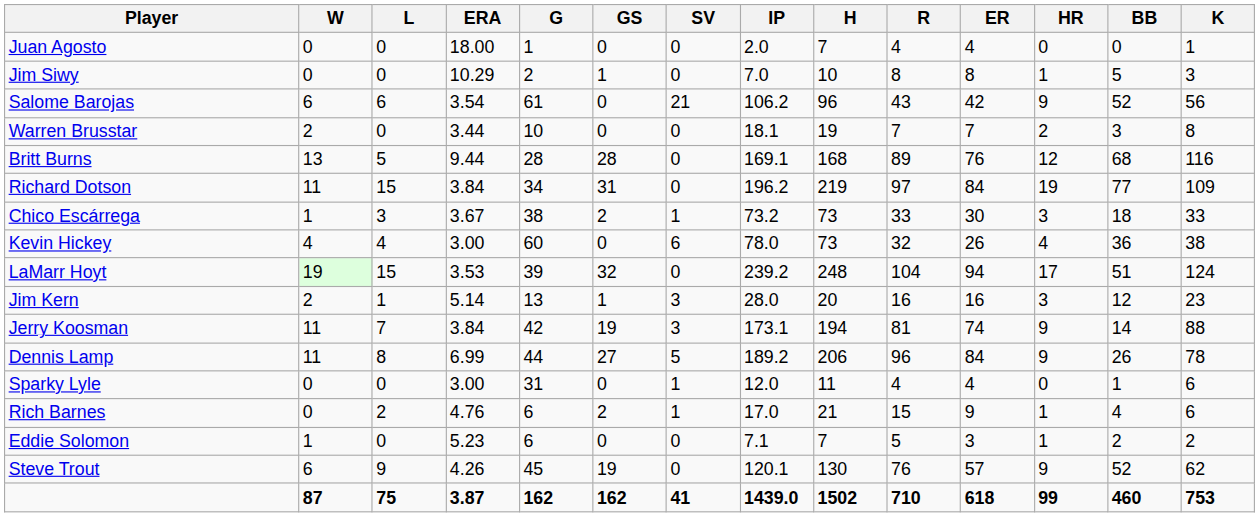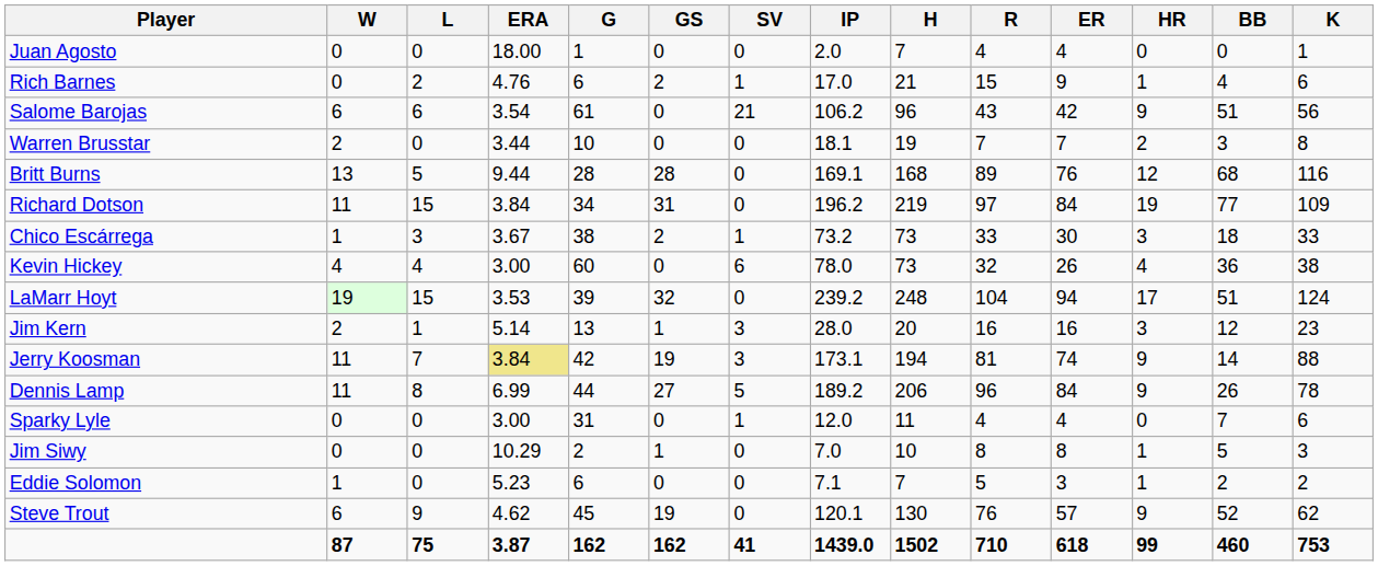 <table class="wikitable sortable">
 <tr>
 <th bgcolor="#DDDDFF" width="20%">Player</th>
 <th bgcolor="#DDDDFF" width="5%">W</th>
 <th bgcolor="#DDDDFF" width="5%">L</th>
 <th bgcolor="#DDDDFF" width="5%">ERA</th>
 <th bgcolor="#DDDDFF" width="5%">G</th>
 <th bgcolor="#DDDDFF" width="5%">GS</th>
 <th bgcolor="#DDDDFF" width="5%">SV</th>
 <th bgcolor="#DDDDFF" width="5%">IP</th>
 <th bgcolor="#DDDDFF" width="5%">H</th>
 <th bgcolor="#DDDDFF" width="5%">R</th>
 <th bgcolor="#DDDDFF" width="5%">ER</th>
 <th bgcolor="#DDDDFF" width="5%">HR</th>
 <th bgcolor="#DDDDFF" width="5%">BB</th>
 <th bgcolor="#DDDDFF" width="5%">K</th>
 </tr>
 <tr>
 <td><a href='#'>Juan Agosto</a></td>
 <td>0</td>
 <td>0</td>
 <td>18.00</td>
 <td>1</td>
 <td>0</td>
 <td>0</td>
 <td>2.0</td>
 <td>7</td>
 <td>4</td>
 <td>4</td>
 <td>0</td>
 <td>0</td>
 <td>1</td>
 </tr>
 <tr>
-<td><a href='#'>Jim Siwy</a></td>
+<td><a href='#'>Rich Barnes</a></td>
 <td>0</td>
-<td>0</td>
-<td>10.29</td>
+<td>2</td>
+<td>4.76</td>
+<td>6</td>
 <td>2</td>
 <td>1</td>
-<td>0</td>
-<td>7.0</td>
-<td>10</td>
-<td>8</td>
-<td>8</td>
+<td>17.0</td>
+<td>21</td>
+<td>15</td>
+<td>9</td>
 <td>1</td>
-<td>5</td>
-<td>3</td>
+<td>4</td>
+<td>6</td>
 </tr>
 <tr>
 <td><a href='#'>Salome Barojas</a></td>
 <td>6</td>
 <td>6</td>
 <td>3.54</td>
 <td>61</td>
 <td>0</td>
 <td>21</td>
 <td>106.2</td>
 <td>96</td>
 <td>43</td>
 <td>42</td>
 <td>9</td>
-<td>52</td>
+<td>51</td>
 <td>56</td>
 </tr>
 <tr>
 <td><a href='#'>Warren Brusstar</a></td>
 <td>2</td>
 <td>0</td>
 <td>3.44</td>
 <td>10</td>
 <td>0</td>
 <td>0</td>
 <td>18.1</td>
 <td>19</td>
 <td>7</td>
 <td>7</td>
 <td>2</td>
 <td>3</td>
 <td>8</td>
 </tr>
 <tr>
 <td><a href='#'>Britt Burns</a></td>
 <td>13</td>
 <td>5</td>
 <td>9.44</td>
 <td>28</td>
 <td>28</td>
 <td>0</td>
 <td>169.1</td>
 <td>168</td>
 <td>89</td>
 <td>76</td>
 <td>12</td>
 <td>68</td>
 <td>116</td>
 </tr>
 <tr>
 <td><a href='#'>Richard Dotson</a></td>
 <td>11</td>
 <td>15</td>
 <td>3.84</td>
 <td>34</td>
 <td>31</td>
 <td>0</td>
 <td>196.2</td>
 <td>219</td>
 <td>97</td>
 <td>84</td>
 <td>19</td>
 <td>77</td>
 <td>109</td>
 </tr>
 <tr>
 <td><a href='#'>Chico Escárrega</a></td>
 <td>1</td>
 <td>3</td>
 <td>3.67</td>
 <td>38</td>
 <td>2</td>
 <td>1</td>
 <td>73.2</td>
 <td>73</td>
 <td>33</td>
 <td>30</td>
 <td>3</td>
 <td>18</td>
 <td>33</td>
 </tr>
 <tr>
 <td><a href='#'>Kevin Hickey</a></td>
 <td>4</td>
 <td>4</td>
 <td>3.00</td>
 <td>60</td>
 <td>0</td>
 <td>6</td>
 <td>78.0</td>
 <td>73</td>
 <td>32</td>
 <td>26</td>
 <td>4</td>
 <td>36</td>
 <td>38</td>
 </tr>
 <tr>
 <td><a href='#'>LaMarr Hoyt</a></td>
 <td style="background:#DDFFDD;">19</td>
 <td>15</td>
 <td>3.53</td>
 <td>39</td>
 <td>32</td>
 <td>0</td>
 <td>239.2</td>
 <td>248</td>
 <td>104</td>
 <td>94</td>
 <td>17</td>
 <td>51</td>
 <td>124</td>
 </tr>
 <tr>
 <td><a href='#'>Jim Kern</a></td>
 <td>2</td>
 <td>1</td>
 <td>5.14</td>
 <td>13</td>
 <td>1</td>
 <td>3</td>
 <td>28.0</td>
 <td>20</td>
 <td>16</td>
 <td>16</td>
 <td>3</td>
 <td>12</td>
 <td>23</td>
 </tr>
 <tr>
 <td><a href='#'>Jerry Koosman</a></td>
 <td>11</td>
 <td>7</td>
-<td>3.84</td>
+<td style="background: khaki;">3.84</td>
 <td>42</td>
 <td>19</td>
 <td>3</td>
 <td>173.1</td>
 <td>194</td>
 <td>81</td>
 <td>74</td>
 <td>9</td>
 <td>14</td>
 <td>88</td>
 </tr>
 <tr>
 <td><a href='#'>Dennis Lamp</a></td>
 <td>11</td>
 <td>8</td>
 <td>6.99</td>
 <td>44</td>
 <td>27</td>
 <td>5</td>
 <td>189.2</td>
 <td>206</td>
 <td>96</td>
 <td>84</td>
 <td>9</td>
 <td>26</td>
 <td>78</td>
 </tr>
 <tr>
 <td><a href='#'>Sparky Lyle</a></td>
 <td>0</td>
 <td>0</td>
 <td>3.00</td>
 <td>31</td>
 <td>0</td>
 <td>1</td>
 <td>12.0</td>
 <td>11</td>
 <td>4</td>
 <td>4</td>
 <td>0</td>
-<td>1</td>
+<td>7</td>
 <td>6</td>
 </tr>
 <tr>
-<td><a href='#'>Rich Barnes</a></td>
+<td><a href='#'>Jim Siwy</a></td>
 <td>0</td>
-<td>2</td>
-<td>4.76</td>
-<td>6</td>
+<td>0</td>
+<td>10.29</td>
 <td>2</td>
 <td>1</td>
-<td>17.0</td>
-<td>21</td>
-<td>15</td>
-<td>9</td>
+<td>0</td>
+<td>7.0</td>
+<td>10</td>
+<td>8</td>
+<td>8</td>
 <td>1</td>
-<td>4</td>
-<td>6</td>
+<td>5</td>
+<td>3</td>
 </tr>
 <tr>
 <td><a href='#'>Eddie Solomon</a></td>
 <td>1</td>
 <td>0</td>
 <td>5.23</td>
 <td>6</td>
 <td>0</td>
 <td>0</td>
 <td>7.1</td>
 <td>7</td>
 <td>5</td>
 <td>3</td>
 <td>1</td>
 <td>2</td>
 <td>2</td>
 </tr>
 <tr>
 <td><a href='#'>Steve Trout</a></td>
 <td>6</td>
 <td>9</td>
-<td>4.26</td>
+<td>4.62</td>
 <td>45</td>
 <td>19</td>
 <td>0</td>
 <td>120.1</td>
 <td>130</td>
 <td>76</td>
 <td>57</td>
 <td>9</td>
 <td>52</td>
 <td>62</td>
 </tr>
 <tr class="sortbottom">
 <td></td>
 <td><strong>87</strong></td>
 <td><strong>75</strong></td>
 <td><strong>3.87</strong></td>
 <td><strong>162</strong></td>
 <td><strong>162</strong></td>
 <td><strong>41</strong></td>
 <td><strong>1439.0</strong></td>
 <td><strong>1502</strong></td>
 <td><strong>710</strong></td>
 <td><strong>618</strong></td>
 <td><strong>99</strong></td>
 <td><strong>460</strong></td>
 <td><strong>753</strong></td>
 </tr>
 </table>
